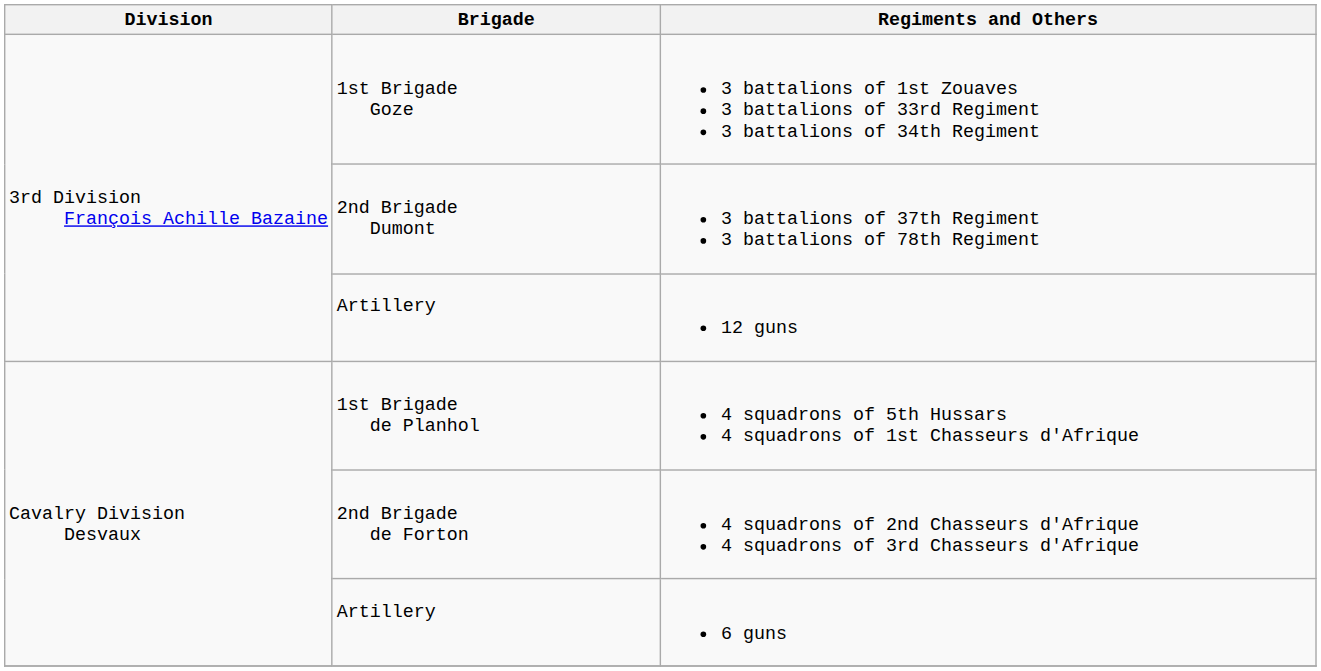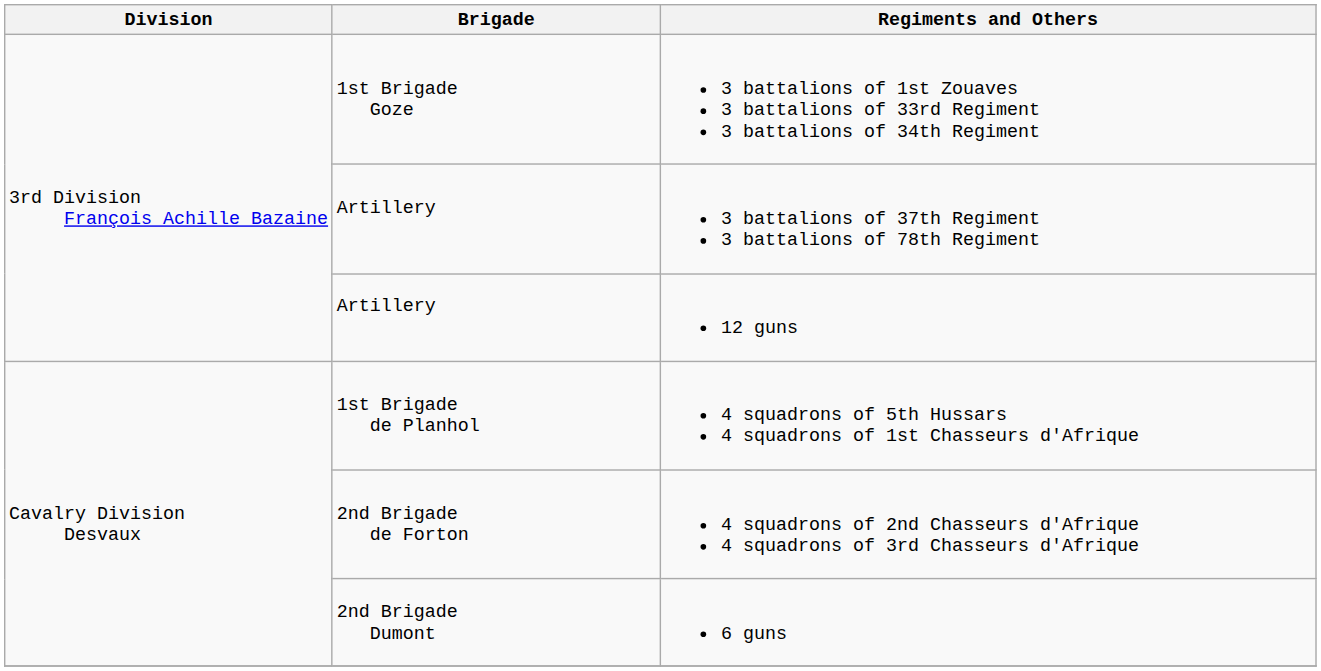 <table class="wikitable">
 <tr>
 <th width=25%>Division</th>
 <th width=25%>Brigade</th>
 <th>Regiments and Others</th>
 </tr>
 <tr>
 <td rowspan=3><br>3rd Division <br>     <a href='#'>François Achille Bazaine</a></td>
 <td>1st Brigade<br>   Goze</td>
 <td><br><ul><li>3 battalions of 1st Zouaves</li><li>3 battalions of 33rd Regiment</li><li>3 battalions of 34th Regiment</li></ul></td>
 </tr>
 <tr>
-<td>2nd Brigade<br>   Dumont</td>
+<td>Artillery<br>  </td>
 <td><br><ul><li>3 battalions of 37th Regiment</li><li>3 battalions of 78th Regiment</li></ul></td>
 </tr>
 <tr>
 <td>Artillery<br>  </td>
 <td><br><ul><li>12 guns</li></ul></td>
 </tr>
 <tr>
 <td rowspan=3><br>Cavalry Division <br>     Desvaux</td>
 <td>1st Brigade<br>   de Planhol</td>
 <td><br><ul><li>4 squadrons of 5th Hussars</li><li>4 squadrons of 1st Chasseurs d'Afrique</li></ul></td>
 </tr>
 <tr>
 <td>2nd Brigade<br>   de Forton</td>
 <td><br><ul><li>4 squadrons of 2nd Chasseurs d'Afrique</li><li>4 squadrons of 3rd Chasseurs d'Afrique</li></ul></td>
 </tr>
 <tr>
-<td>Artillery<br>  </td>
+<td>2nd Brigade<br>   Dumont</td>
 <td><br><ul><li>6 guns</li></ul></td>
 </tr>
 <tr>
 </tr>
 </table>
